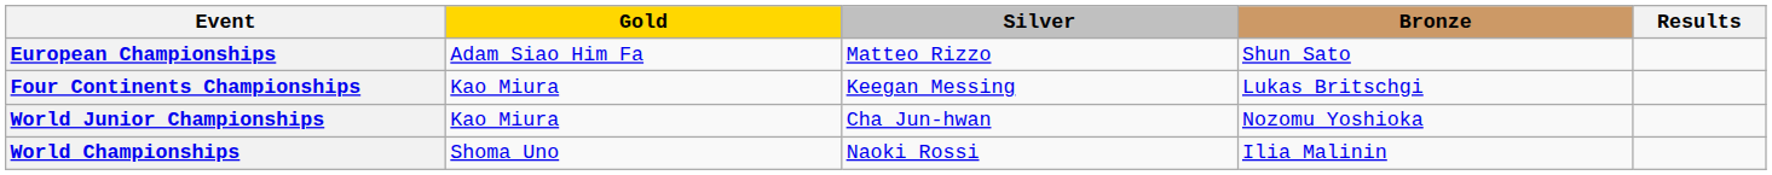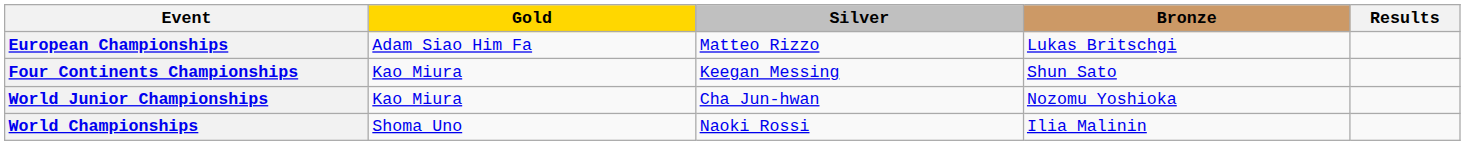 <table class="wikitable unsortable" style="text-align:left; width:90%;">
 <tr>
 <th scope="col" style="text-align:center; width:25%;">Event</th>
 <td scope="col" style="text-align:center; width:22.5%; background:gold"><strong>Gold</strong></td>
 <td scope="col" style="text-align:center; width:22.5%; background:silver"><strong>Silver</strong></td>
 <td scope="col" style="text-align:center; width:22.5%; background:#c96"><strong>Bronze</strong></td>
 <th scope="col" style="text-align:center; width:7.5%;">Results</th>
 </tr>
 <tr>
 <th scope="row" style="text-align:left"> <a href='#'>European Championships</a></th>
 <td> <a href='#'>Adam Siao Him Fa</a></td>
 <td> <a href='#'>Matteo Rizzo</a></td>
-<td> <a href='#'>Shun Sato</a></td>
+<td> <a href='#'>Lukas Britschgi</a></td>
 <td></td>
 </tr>
 <tr>
 <th scope="row" style="text-align:left"> <a href='#'>Four Continents Championships</a></th>
 <td> <a href='#'>Kao Miura</a></td>
 <td> <a href='#'>Keegan Messing</a></td>
-<td> <a href='#'>Lukas Britschgi</a></td>
+<td> <a href='#'>Shun Sato</a></td>
 <td></td>
 </tr>
 <tr>
 <th scope="row" style="text-align:left"> <a href='#'>World Junior Championships</a></th>
 <td> <a href='#'>Kao Miura</a></td>
 <td> <a href='#'>Cha Jun-hwan</a></td>
 <td> <a href='#'>Nozomu Yoshioka</a></td>
 <td></td>
 </tr>
 <tr>
 <th scope="row" style="text-align:left"> <a href='#'>World Championships</a></th>
 <td> <a href='#'>Shoma Uno</a></td>
 <td> <a href='#'>Naoki Rossi</a></td>
 <td> <a href='#'>Ilia Malinin</a></td>
 <td></td>
 </tr>
 </table>
